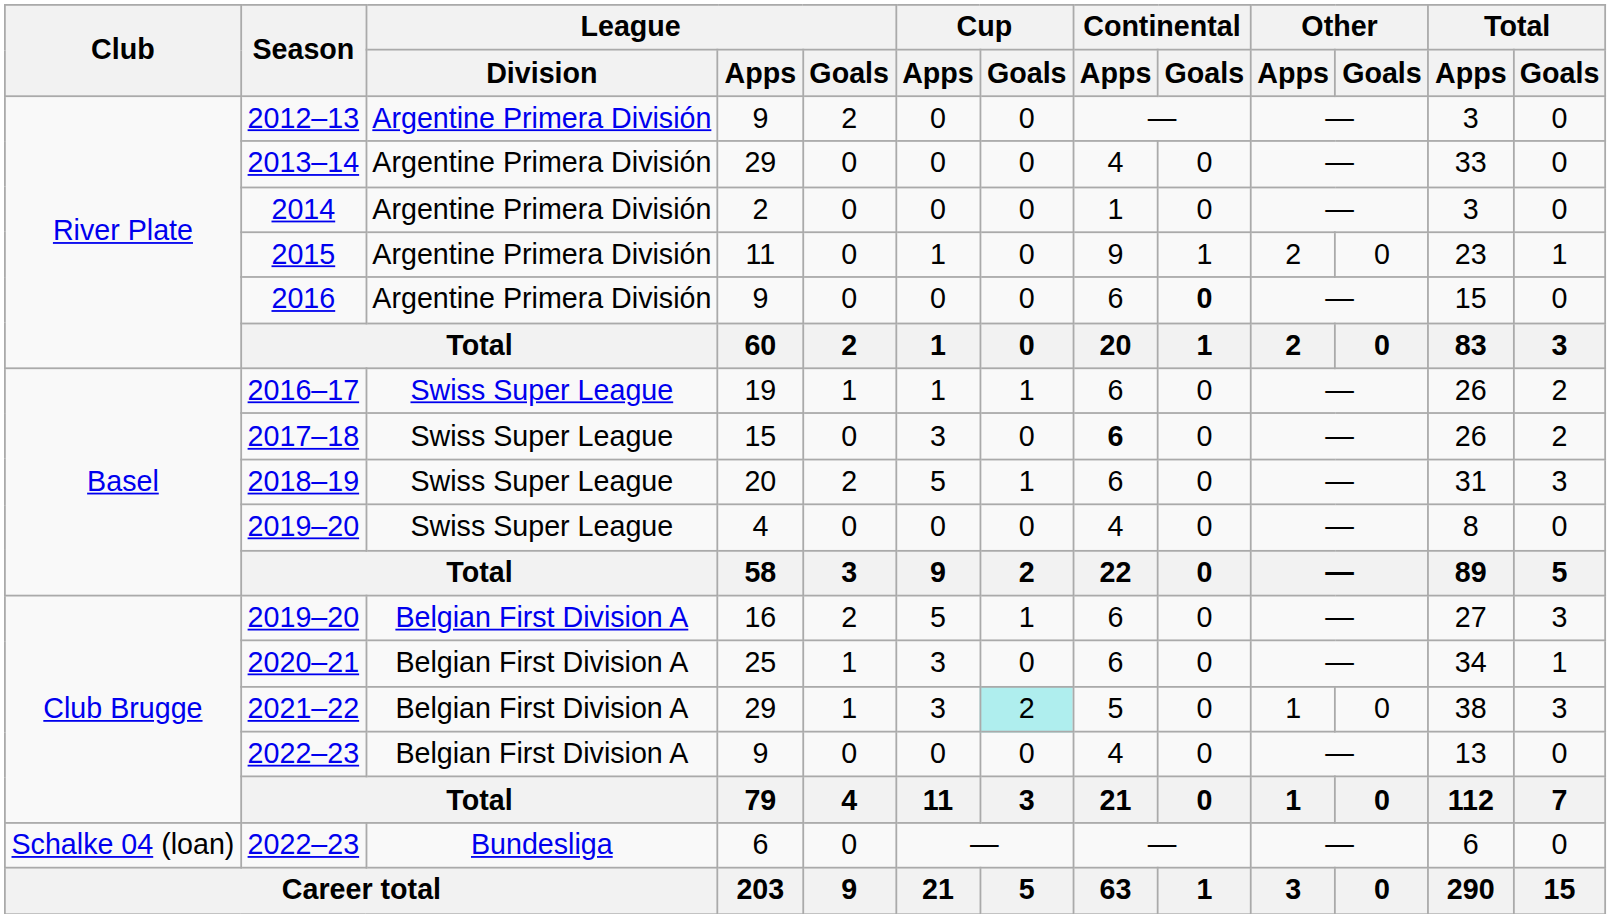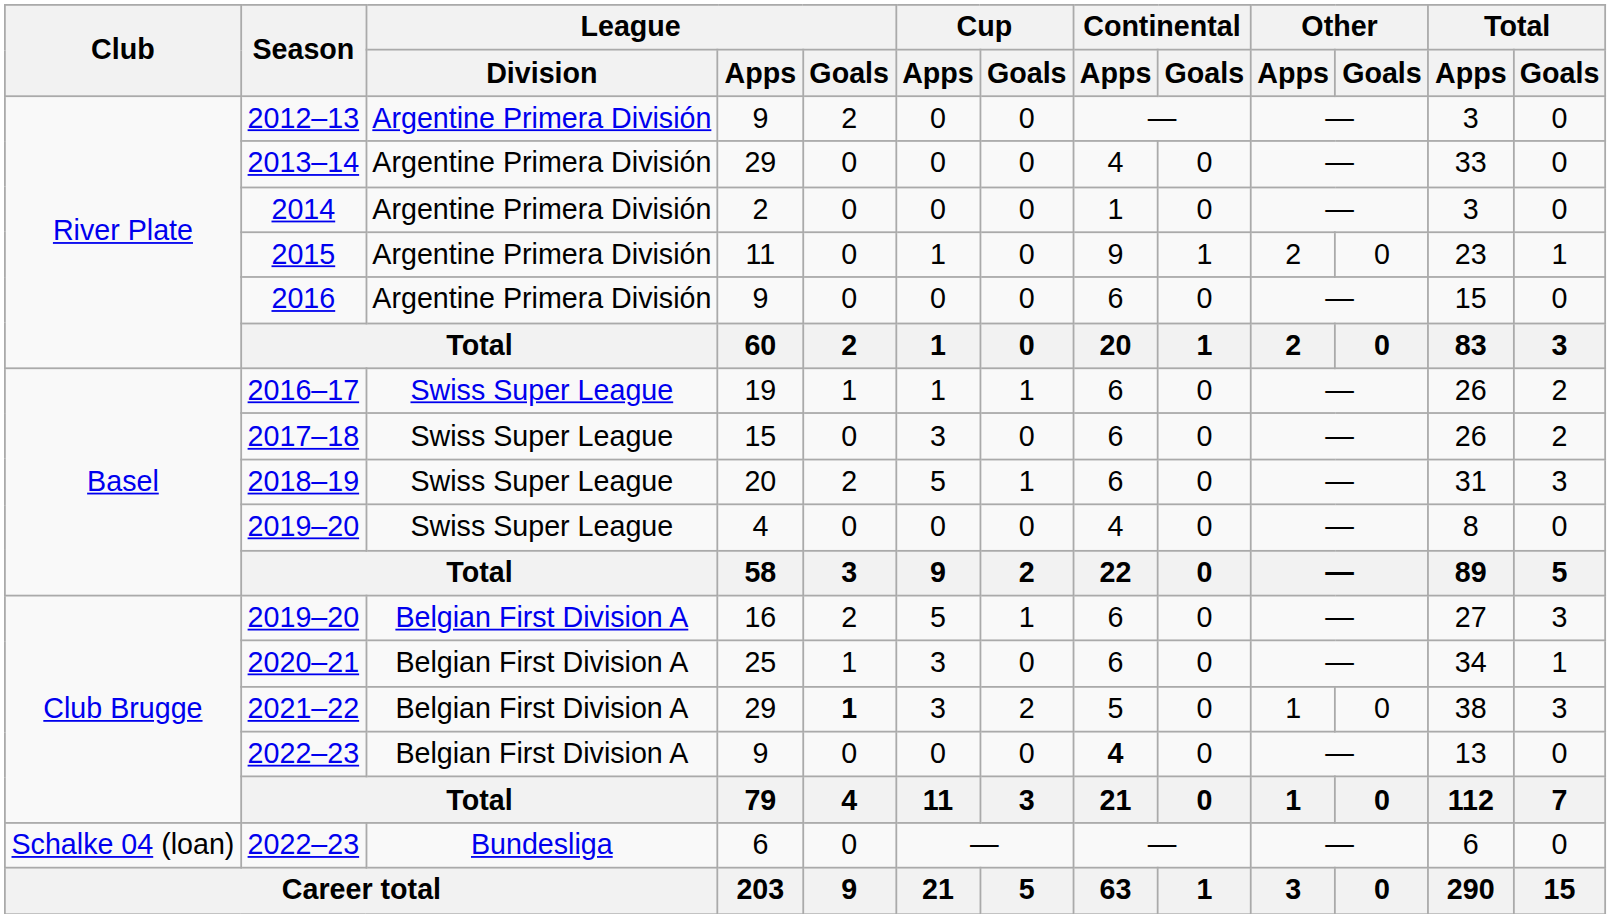 <table class=wikitable style="text-align: center">
 <tr>
 <th rowspan="2">Club</th>
 <th rowspan="2">Season</th>
 <th colspan="3">League</th>
 <th colspan="2">Cup</th>
 <th colspan="2">Continental</th>
 <th colspan="2">Other</th>
 <th colspan="2">Total</th>
 </tr>
 <tr>
 <th>Division</th>
 <th>Apps</th>
 <th>Goals</th>
 <th>Apps</th>
 <th>Goals</th>
 <th>Apps</th>
 <th>Goals</th>
 <th>Apps</th>
 <th>Goals</th>
 <th>Apps</th>
 <th>Goals</th>
 </tr>
 <tr>
 <td rowspan="6"><a href='#'>River Plate</a></td>
 <td><a href='#'>2012–13</a></td>
 <td><a href='#'>Argentine Primera División</a></td>
 <td>9</td>
 <td>2</td>
 <td>0</td>
 <td>0</td>
 <td colspan="2">—</td>
 <td colspan="2">—</td>
 <td>3</td>
 <td>0</td>
 </tr>
 <tr>
 <td><a href='#'>2013–14</a></td>
 <td>Argentine Primera División</td>
 <td>29</td>
 <td>0</td>
 <td>0</td>
 <td>0</td>
 <td>4</td>
 <td>0</td>
 <td colspan="2">—</td>
 <td>33</td>
 <td>0</td>
 </tr>
 <tr>
 <td><a href='#'>2014</a></td>
 <td>Argentine Primera División</td>
 <td>2</td>
 <td>0</td>
 <td>0</td>
 <td>0</td>
 <td>1</td>
 <td>0</td>
 <td colspan="2">—</td>
 <td>3</td>
 <td>0</td>
 </tr>
 <tr>
 <td><a href='#'>2015</a></td>
 <td>Argentine Primera División</td>
 <td>11</td>
 <td>0</td>
 <td>1</td>
 <td>0</td>
 <td>9</td>
 <td>1</td>
 <td>2</td>
 <td>0</td>
 <td>23</td>
 <td>1</td>
 </tr>
 <tr>
 <td><a href='#'>2016</a></td>
 <td>Argentine Primera División</td>
 <td>9</td>
 <td>0</td>
 <td>0</td>
 <td>0</td>
 <td>6</td>
-<td><strong>0</strong></td>
+<td>0</td>
 <td colspan="2">—</td>
 <td>15</td>
 <td>0</td>
 </tr>
 <tr>
 <th colspan="2">Total</th>
 <th>60</th>
 <th>2</th>
 <th>1</th>
 <th>0</th>
 <th>20</th>
 <th>1</th>
 <th>2</th>
 <th>0</th>
 <th>83</th>
 <th>3</th>
 </tr>
 <tr>
 <td rowspan="5"><a href='#'>Basel</a></td>
 <td><a href='#'>2016–17</a></td>
 <td><a href='#'>Swiss Super League</a></td>
 <td>19</td>
 <td>1</td>
 <td>1</td>
 <td>1</td>
 <td>6</td>
 <td>0</td>
 <td colspan="2">—</td>
 <td>26</td>
 <td>2</td>
 </tr>
 <tr>
 <td><a href='#'>2017–18</a></td>
 <td>Swiss Super League</td>
 <td>15</td>
 <td>0</td>
 <td>3</td>
 <td>0</td>
-<td><strong>6</strong></td>
+<td>6</td>
 <td>0</td>
 <td colspan="2">—</td>
 <td>26</td>
 <td>2</td>
 </tr>
 <tr>
 <td><a href='#'>2018–19</a></td>
 <td>Swiss Super League</td>
 <td>20</td>
 <td>2</td>
 <td>5</td>
 <td>1</td>
 <td>6</td>
 <td>0</td>
 <td colspan="2">—</td>
 <td>31</td>
 <td>3</td>
 </tr>
 <tr>
 <td><a href='#'>2019–20</a></td>
 <td>Swiss Super League</td>
 <td>4</td>
 <td>0</td>
 <td>0</td>
 <td>0</td>
 <td>4</td>
 <td>0</td>
 <td colspan="2">—</td>
 <td>8</td>
 <td>0</td>
 </tr>
 <tr>
 <th colspan="2">Total</th>
 <th>58</th>
 <th>3</th>
 <th>9</th>
 <th>2</th>
 <th>22</th>
 <th>0</th>
 <th colspan="2">—</th>
 <th>89</th>
 <th>5</th>
 </tr>
 <tr>
 <td rowspan="5"><a href='#'>Club Brugge</a></td>
 <td><a href='#'>2019–20</a></td>
 <td><a href='#'>Belgian First Division A</a></td>
 <td>16</td>
 <td>2</td>
 <td>5</td>
 <td>1</td>
 <td>6</td>
 <td>0</td>
 <td colspan="2">—</td>
 <td>27</td>
 <td>3</td>
 </tr>
 <tr>
 <td><a href='#'>2020–21</a></td>
 <td>Belgian First Division A</td>
 <td>25</td>
 <td>1</td>
 <td>3</td>
 <td>0</td>
 <td>6</td>
 <td>0</td>
 <td colspan="2">—</td>
 <td>34</td>
 <td>1</td>
 </tr>
 <tr>
 <td><a href='#'>2021–22</a></td>
 <td>Belgian First Division A</td>
 <td>29</td>
-<td>1</td>
+<td><strong>1</strong></td>
 <td>3</td>
-<td style="background: paleturquoise;">2</td>
+<td>2</td>
 <td>5</td>
 <td>0</td>
 <td>1</td>
 <td>0</td>
 <td>38</td>
 <td>3</td>
 </tr>
 <tr>
 <td><a href='#'>2022–23</a></td>
 <td>Belgian First Division A</td>
 <td>9</td>
 <td>0</td>
 <td>0</td>
 <td>0</td>
-<td>4</td>
+<td><strong>4</strong></td>
 <td>0</td>
 <td colspan="2">—</td>
 <td>13</td>
 <td>0</td>
 </tr>
 <tr>
 <th colspan="2">Total</th>
 <th>79</th>
 <th>4</th>
 <th>11</th>
 <th>3</th>
 <th>21</th>
 <th>0</th>
 <th>1</th>
 <th>0</th>
 <th>112</th>
 <th>7</th>
 </tr>
 <tr>
 <td><a href='#'>Schalke 04</a> (loan)</td>
 <td><a href='#'>2022–23</a></td>
 <td><a href='#'>Bundesliga</a></td>
 <td>6</td>
 <td>0</td>
 <td colspan="2">—</td>
 <td colspan="2">—</td>
 <td colspan="2">—</td>
 <td>6</td>
 <td>0</td>
 </tr>
 <tr>
 <th colspan="3">Career total</th>
 <th>203</th>
 <th>9</th>
 <th>21</th>
 <th>5</th>
 <th>63</th>
 <th>1</th>
 <th>3</th>
 <th>0</th>
 <th>290</th>
 <th>15</th>
 </tr>
 </table>
